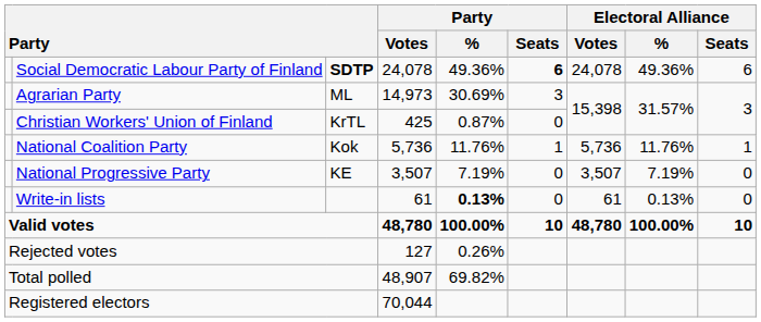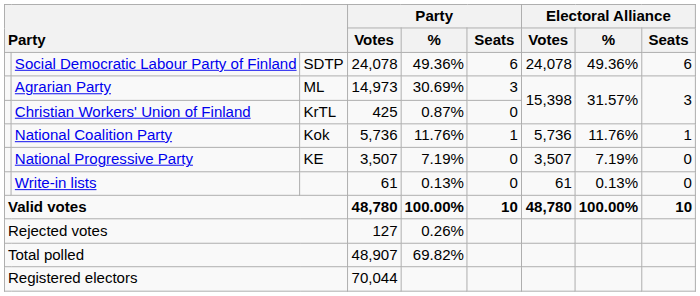 <table class="wikitable" border="1" style="text-align:right;">
 <tr>
 <th style="text-align:left;" valign=bottom rowspan=2 colspan=3>Party</th>
 <th colspan=3>Party</th>
 <th colspan=3>Electoral Alliance</th>
 </tr>
 <tr>
 <th align=center valign=bottom width="50">Votes</th>
 <th align=center valign=bottom width="50">%</th>
 <th align=center valign=bottom width="50">Seats</th>
 <th align=center valign=bottom width="50">Votes</th>
 <th align=center valign=bottom width="50">%</th>
 <th align=center valign=bottom width="50">Seats</th>
 </tr>
 <tr>
 <td></td>
 <td align=left style="white-space: nowrap;"><a href='#'>Social Democratic Labour Party of Finland</a></td>
-<td align=left><strong>SDTP</strong></td>
+<td align=left>SDTP</td>
 <td>24,078</td>
 <td>49.36%</td>
-<td><strong>6</strong></td>
+<td>6</td>
 <td>24,078</td>
 <td>49.36%</td>
 <td>6</td>
 </tr>
 <tr>
 <td></td>
 <td align=left><a href='#'>Agrarian Party</a></td>
 <td align=left>ML</td>
 <td>14,973</td>
 <td>30.69%</td>
 <td>3</td>
 <td rowspan=2>15,398</td>
 <td rowspan=2>31.57%</td>
 <td rowspan=2>3</td>
 </tr>
 <tr>
 <td></td>
 <td align=left><a href='#'>Christian Workers' Union of Finland</a></td>
 <td align=left>KrTL</td>
 <td>425</td>
 <td>0.87%</td>
 <td>0</td>
 </tr>
 <tr>
 <td></td>
 <td align=left><a href='#'>National Coalition Party</a></td>
 <td align=left>Kok</td>
 <td>5,736</td>
 <td>11.76%</td>
 <td>1</td>
 <td>5,736</td>
 <td>11.76%</td>
 <td>1</td>
 </tr>
 <tr>
 <td></td>
 <td align=left><a href='#'>National Progressive Party</a></td>
 <td align=left>KE</td>
 <td>3,507</td>
 <td>7.19%</td>
 <td>0</td>
 <td>3,507</td>
 <td>7.19%</td>
 <td>0</td>
 </tr>
 <tr>
 <td></td>
 <td align=left><a href='#'>Write-in lists</a></td>
 <td align=left></td>
 <td>61</td>
-<td><strong>0.13%</strong></td>
+<td>0.13%</td>
 <td>0</td>
 <td>61</td>
 <td>0.13%</td>
 <td>0</td>
 </tr>
 <tr style="font-weight:bold">
 <td align=left colspan=3>Valid votes</td>
 <td>48,780</td>
 <td>100.00%</td>
 <td>10</td>
 <td>48,780</td>
 <td>100.00%</td>
 <td>10</td>
 </tr>
 <tr>
 <td align=left colspan=3>Rejected votes</td>
 <td>127</td>
 <td>0.26%</td>
 <td></td>
 <td></td>
 <td></td>
 <td></td>
 </tr>
 <tr>
 <td align=left colspan=3>Total polled</td>
 <td>48,907</td>
 <td>69.82%</td>
 <td></td>
 <td></td>
 <td></td>
 <td></td>
 </tr>
 <tr>
 <td align=left colspan=3>Registered electors</td>
 <td>70,044</td>
 <td></td>
 <td></td>
 <td></td>
 <td></td>
 <td></td>
 </tr>
 </table>
